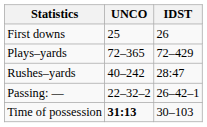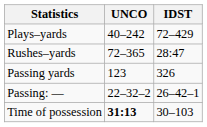 <table class="wikitable" style="float:left">
 <tr>
 <th>Statistics</th>
 <th>UNCO</th>
 <th>IDST</th>
 </tr>
 <tr>
-<td>First downs</td>
-<td>25</td>
-<td>26</td>
-</tr>
-<tr>
 <td>Plays–yards</td>
-<td>72–365</td>
+<td>40–242</td>
 <td>72–429</td>
 </tr>
 <tr>
 <td>Rushes–yards</td>
-<td>40–242</td>
+<td>72–365</td>
 <td>28:47</td>
+</tr>
+<tr>
+<td>Passing yards</td>
+<td>123</td>
+<td>326</td>
 </tr>
 <tr>
 <td>Passing: ––</td>
 <td>22–32–2</td>
 <td>26–42–1</td>
 </tr>
 <tr>
 <td>Time of possession</td>
 <td><strong>31:13</strong></td>
 <td>30–103</td>
 </tr>
 </table>
